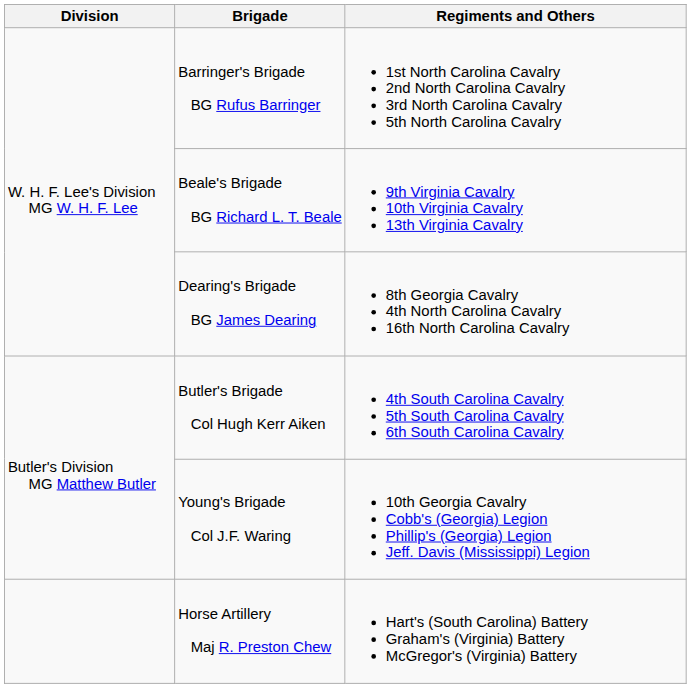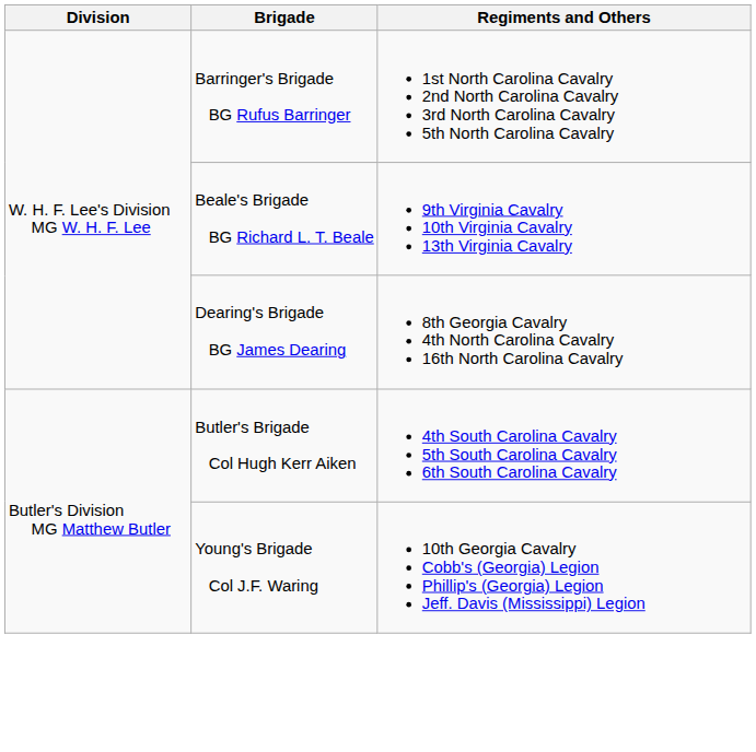 <table class="wikitable">
 <tr>
 <th style="width:25%;">Division</th>
 <th style="width:25%;">Brigade</th>
 <th>Regiments and Others</th>
 </tr>
 <tr>
 <td rowspan=3><br>W. H. F. Lee's Division <br>     MG <a href='#'>W. H. F. Lee</a></td>
 <td>Barringer's Brigade<br><br>   BG <a href='#'>Rufus Barringer</a></td>
 <td><br><ul><li>1st North Carolina Cavalry</li><li>2nd North Carolina Cavalry</li><li>3rd North Carolina Cavalry</li><li>5th North Carolina Cavalry</li></ul></td>
 </tr>
 <tr>
 <td>Beale's Brigade<br><br>   BG <a href='#'>Richard L. T. Beale</a></td>
 <td><br><ul><li><a href='#'>9th Virginia Cavalry</a></li><li><a href='#'>10th Virginia Cavalry</a></li><li><a href='#'>13th Virginia Cavalry</a></li></ul></td>
 </tr>
 <tr>
 <td>Dearing's Brigade<br><br>   BG <a href='#'>James Dearing</a></td>
 <td><br><ul><li>8th Georgia Cavalry</li><li>4th North Carolina Cavalry</li><li>16th North Carolina Cavalry</li></ul></td>
 </tr>
 <tr>
 <td rowspan=2><br>Butler's Division <br>     MG <a href='#'>Matthew Butler</a></td>
 <td>Butler's Brigade<br><br>   Col Hugh Kerr Aiken</td>
 <td><br><ul><li><a href='#'>4th South Carolina Cavalry</a></li><li><a href='#'>5th South Carolina Cavalry</a></li><li><a href='#'>6th South Carolina Cavalry</a></li></ul></td>
 </tr>
 <tr>
 <td>Young's Brigade<br><br>   Col J.F. Waring</td>
 <td><br><ul><li>10th Georgia Cavalry</li><li><a href='#'>Cobb's (Georgia) Legion</a></li><li><a href='#'>Phillip's (Georgia) Legion</a></li><li><a href='#'>Jeff. Davis (Mississippi) Legion</a></li></ul></td>
 </tr>
-<tr>
-<td></td>
-<td>Horse Artillery<br><br>   Maj <a href='#'>R. Preston Chew</a></td>
-<td><br><ul><li>Hart's (South Carolina) Battery</li><li>Graham's (Virginia) Battery</li><li>McGregor's (Virginia) Battery</li></ul></td>
-</tr>
 </table>
